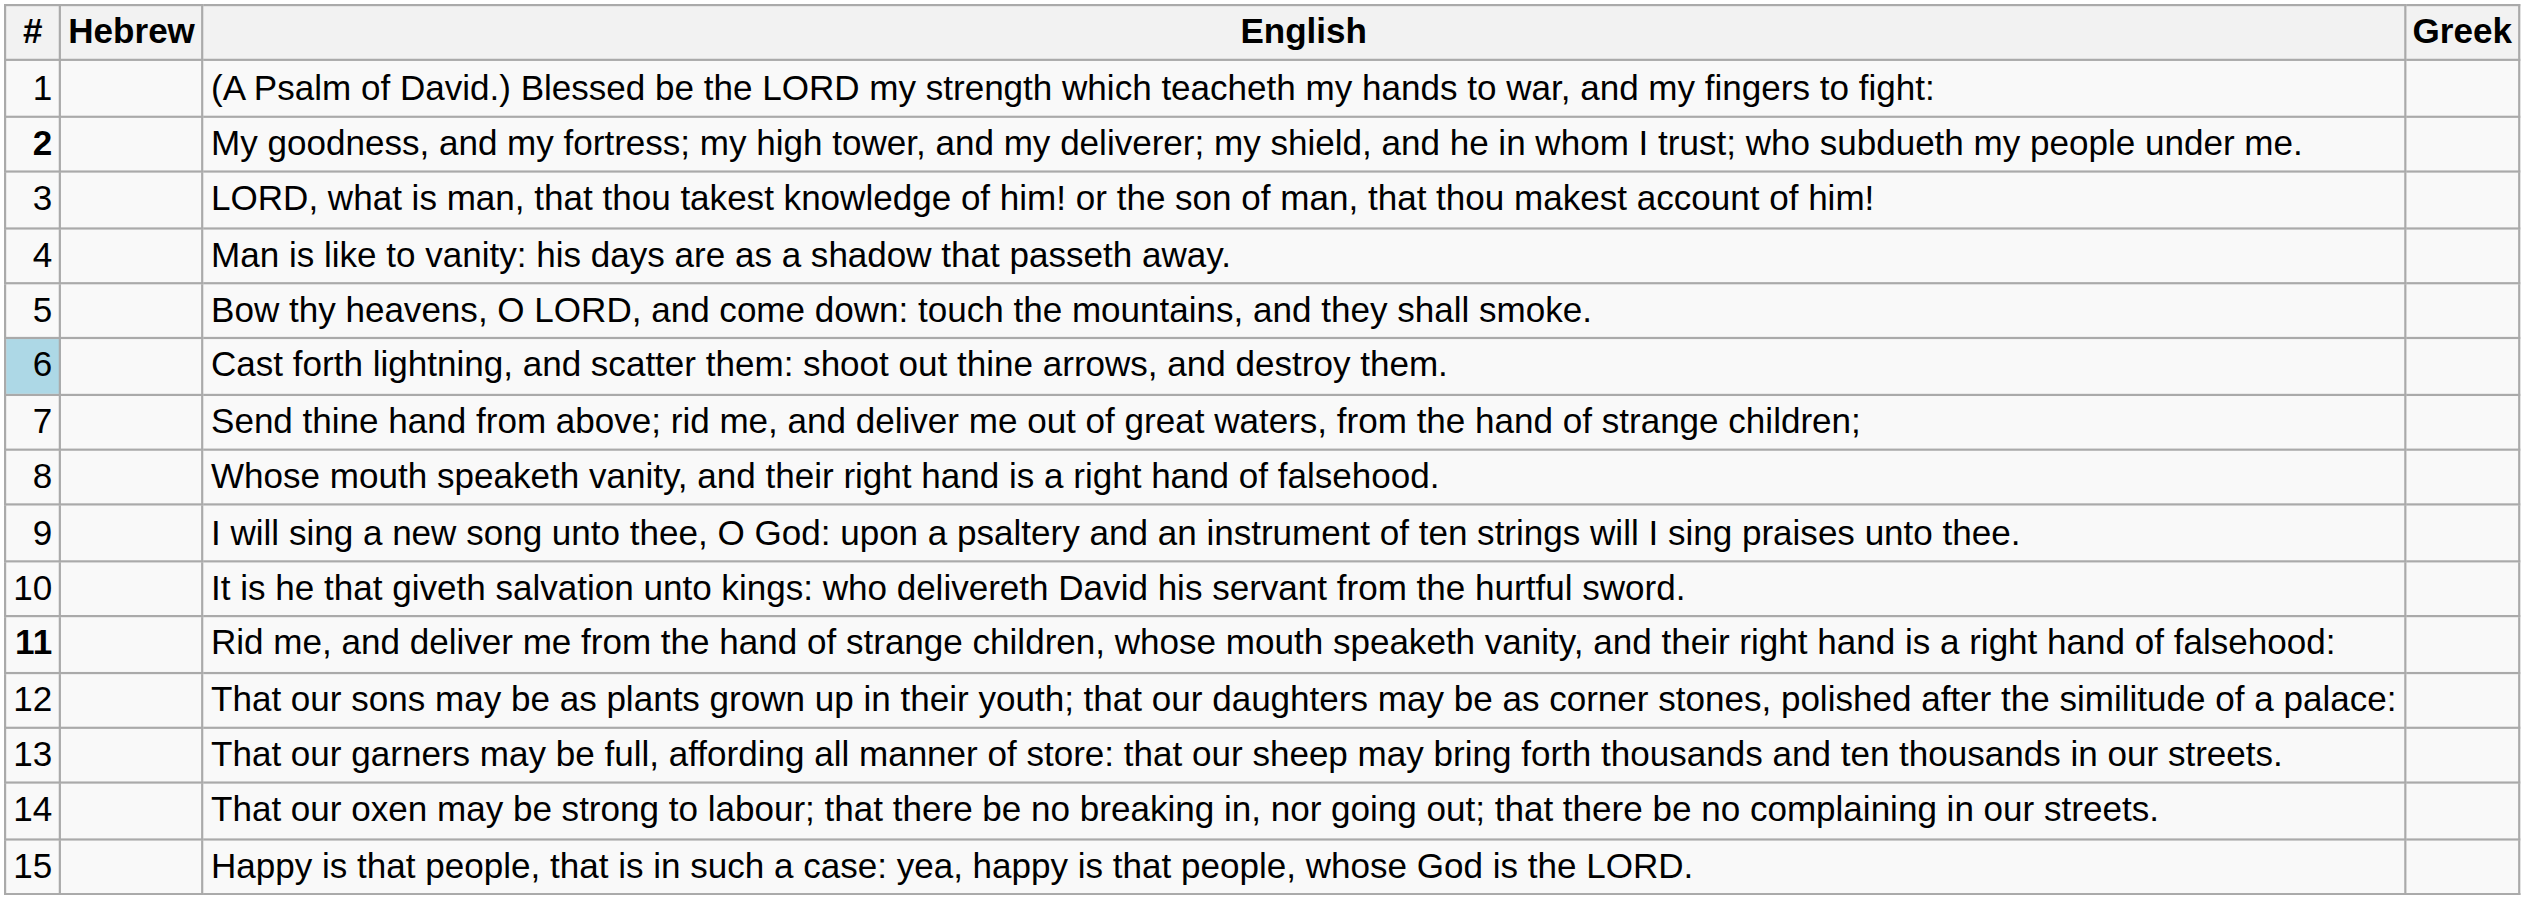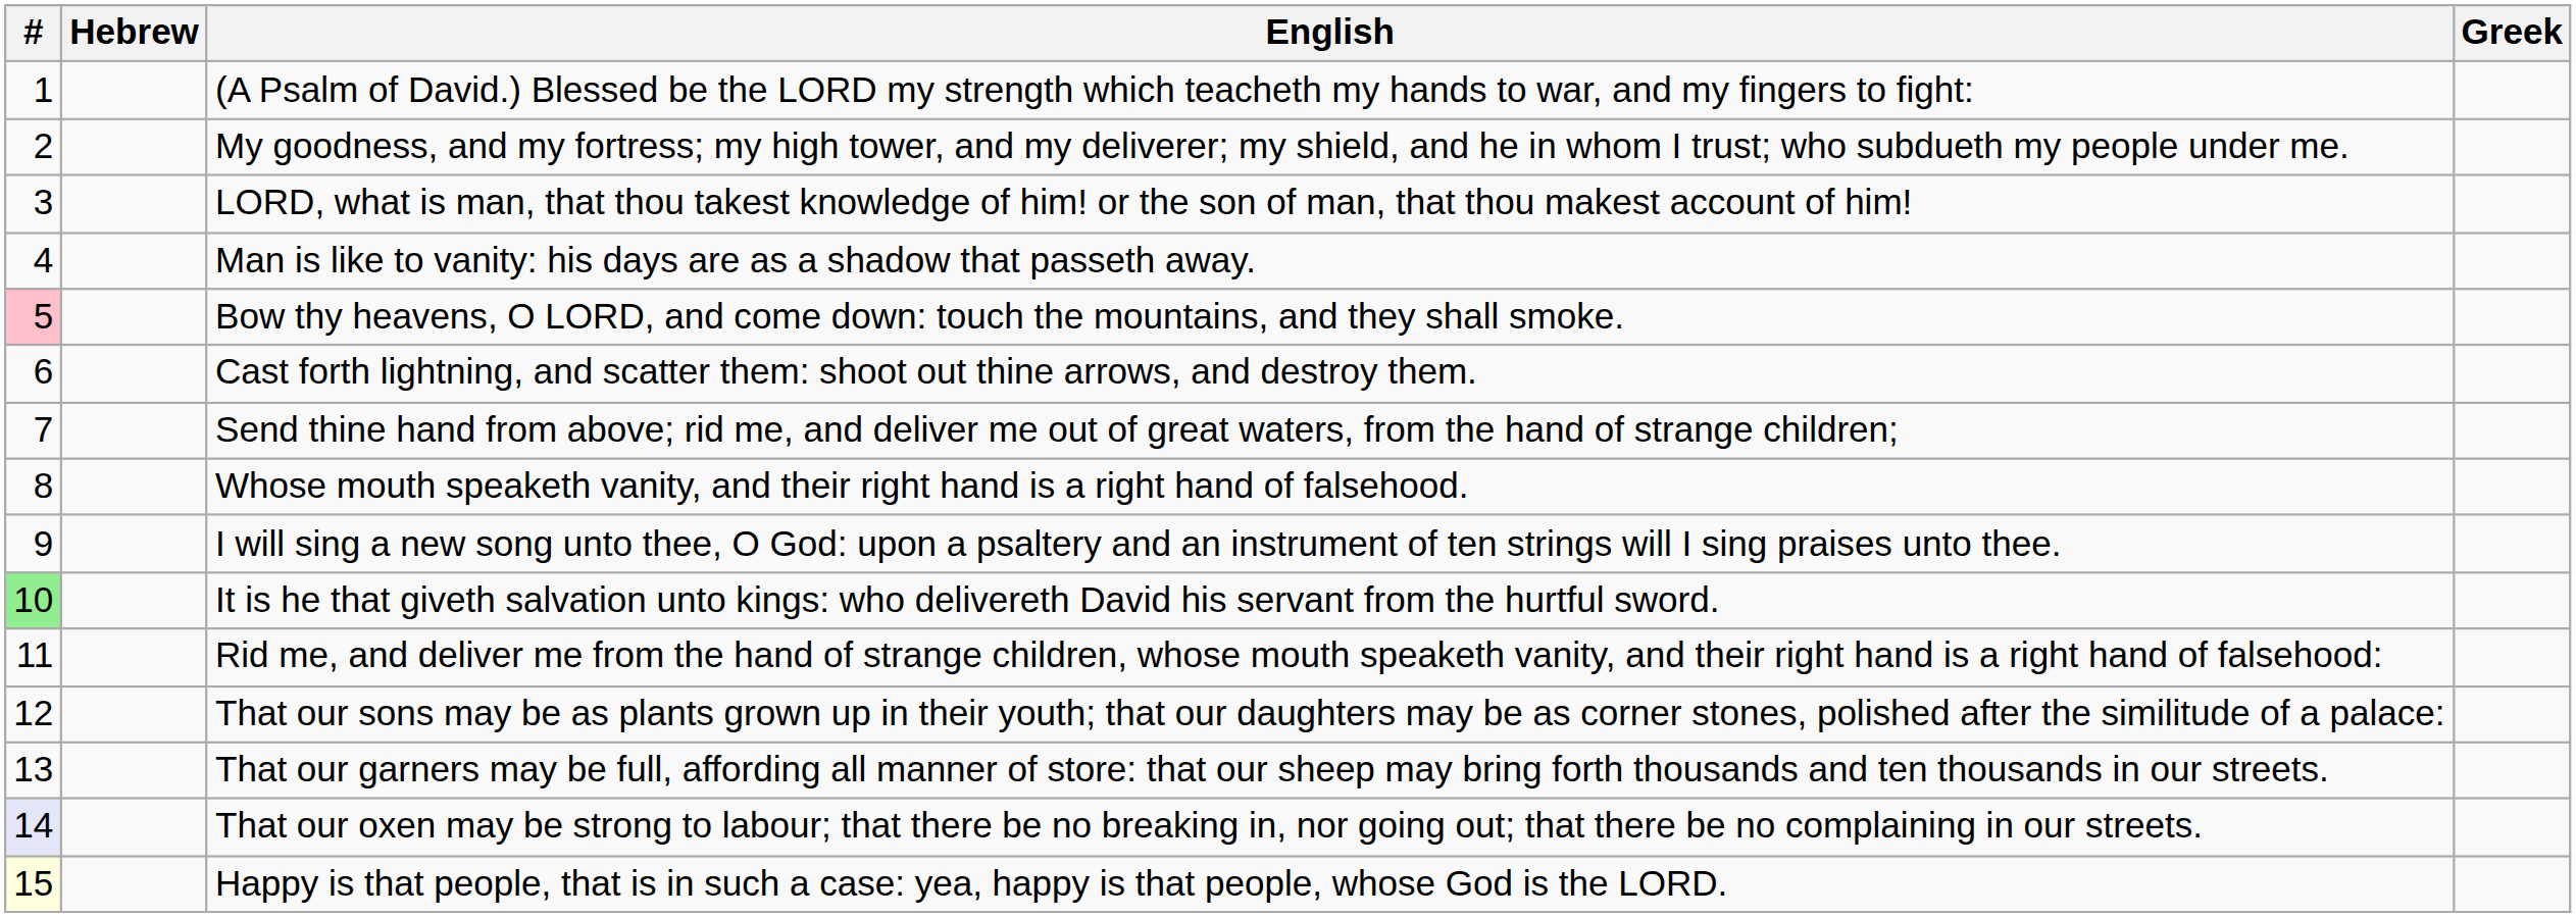 <table class=wikitable>
 <tr>
 <th>#</th>
 <th>Hebrew</th>
 <th>English</th>
 <th>Greek</th>
 </tr>
 <tr>
 <td style="text-align:right">1</td>
 <td style="text-align:right"></td>
 <td>(A Psalm of David.) Blessed be the LORD my strength which teacheth my hands to war, and my fingers to fight:</td>
 <td></td>
 </tr>
 <tr>
-<td style="text-align:right"><strong>2</strong></td>
+<td style="text-align:right">2</td>
 <td style="text-align:right"></td>
 <td>My goodness, and my fortress; my high tower, and my deliverer; my shield, and he in whom I trust; who subdueth my people under me.</td>
 <td></td>
 </tr>
 <tr>
 <td style="text-align:right">3</td>
 <td style="text-align:right"></td>
 <td>LORD, what is man, that thou takest knowledge of him! or the son of man, that thou makest account of him!</td>
 <td></td>
 </tr>
 <tr>
 <td style="text-align:right">4</td>
 <td style="text-align:right"></td>
 <td>Man is like to vanity: his days are as a shadow that passeth away.</td>
 <td></td>
 </tr>
 <tr>
-<td style="text-align:right">5</td>
+<td style="background: pink; text-align:right">5</td>
 <td style="text-align:right"></td>
 <td>Bow thy heavens, O LORD, and come down: touch the mountains, and they shall smoke.</td>
 <td></td>
 </tr>
 <tr>
-<td style="background: lightblue; text-align:right">6</td>
+<td style="text-align:right">6</td>
 <td style="text-align:right"></td>
 <td>Cast forth lightning, and scatter them: shoot out thine arrows, and destroy them.</td>
 <td></td>
 </tr>
 <tr>
 <td style="text-align:right">7</td>
 <td style="text-align:right"></td>
 <td>Send thine hand from above; rid me, and deliver me out of great waters, from the hand of strange children;</td>
 <td></td>
 </tr>
 <tr>
 <td style="text-align:right">8</td>
 <td style="text-align:right"></td>
 <td>Whose mouth speaketh vanity, and their right hand is a right hand of falsehood.</td>
 <td></td>
 </tr>
 <tr>
 <td style="text-align:right">9</td>
 <td style="text-align:right"></td>
 <td>I will sing a new song unto thee, O God: upon a psaltery and an instrument of ten strings will I sing praises unto thee.</td>
 <td></td>
 </tr>
 <tr>
-<td style="text-align:right">10</td>
+<td style="background: lightgreen; text-align:right">10</td>
 <td style="text-align:right"></td>
 <td>It is he that giveth salvation unto kings: who delivereth David his servant from the hurtful sword.</td>
 <td></td>
 </tr>
 <tr>
-<td style="text-align:right"><strong>11</strong></td>
+<td style="text-align:right">11</td>
 <td style="text-align:right"></td>
 <td>Rid me, and deliver me from the hand of strange children, whose mouth speaketh vanity, and their right hand is a right hand of falsehood:</td>
 <td></td>
 </tr>
 <tr>
 <td style="text-align:right">12</td>
 <td style="text-align:right"></td>
 <td>That our sons may be as plants grown up in their youth; that our daughters may be as corner stones, polished after the similitude of a palace:</td>
 <td></td>
 </tr>
 <tr>
 <td style="text-align:right">13</td>
 <td style="text-align:right"></td>
 <td>That our garners may be full, affording all manner of store: that our sheep may bring forth thousands and ten thousands in our streets.</td>
 <td></td>
 </tr>
 <tr>
-<td style="text-align:right">14</td>
+<td style="background: lavender; text-align:right">14</td>
 <td style="text-align:right"></td>
 <td>That our oxen may be strong to labour; that there be no breaking in, nor going out; that there be no complaining in our streets.</td>
 <td></td>
 </tr>
 <tr>
-<td style="text-align:right">15</td>
+<td style="background: lightyellow; text-align:right">15</td>
 <td style="text-align:right"></td>
 <td>Happy is that people, that is in such a case: yea, happy is that people, whose God is the LORD.</td>
 <td></td>
 </tr>
 <tr>
 </tr>
 </table>
